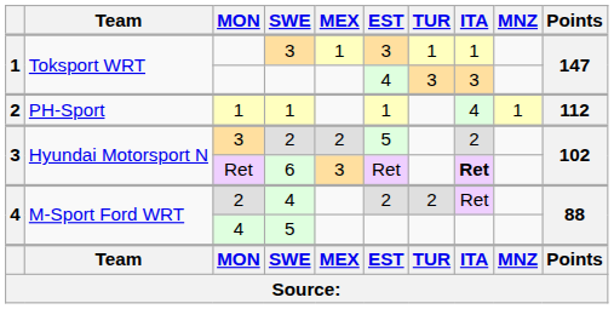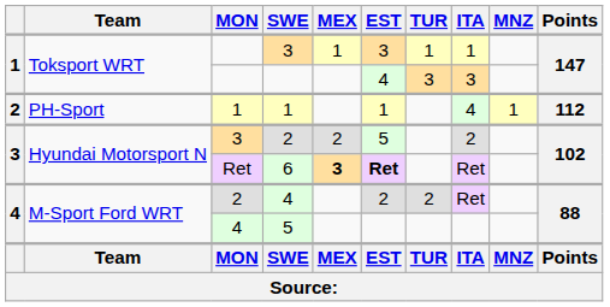 <table class="wikitable" style="font-size: 85%; text-align: center">
 <tr valign="top">
 <th valign="middle"></th>
 <th valign="middle">Team</th>
 <th><a href='#'>MON</a><br></th>
 <th><a href='#'>SWE</a><br></th>
 <th><a href='#'>MEX</a><br></th>
 <th><a href='#'>EST</a><br></th>
 <th><a href='#'>TUR</a><br></th>
 <th><a href='#'>ITA</a><br></th>
 <th><a href='#'>MNZ</a><br></th>
 <th valign="middle">Points</th>
 </tr>
 <tr style="border-top:2px solid #aaaaaa">
 <th rowspan="2">1</th>
 <td rowspan="2" align=left> <a href='#'>Toksport WRT</a></td>
 <td></td>
 <td style="background:#ffdf9f">3</td>
 <td style="background:#ffffbf">1</td>
 <td style="background:#ffdf9f">3</td>
 <td style="background:#ffffbf">1</td>
 <td style="background:#ffffbf">1</td>
 <td></td>
 <th rowspan="2">147</th>
 </tr>
 <tr>
 <td></td>
 <td></td>
 <td></td>
 <td style="background:#dfffdf">4</td>
 <td style="background:#ffdf9f">3</td>
 <td style="background:#ffdf9f">3</td>
 <td></td>
 </tr>
 <tr style="border-top:2px solid #aaaaaa">
 <th>2</th>
 <td align="left"> <a href='#'>PH-Sport</a></td>
 <td style="background:#ffffbf">1</td>
 <td style="background:#ffffbf">1</td>
 <td></td>
 <td style="background:#ffffbf">1</td>
 <td></td>
 <td style="background:#dfffdf">4</td>
 <td style="background:#ffffbf">1</td>
 <th>112</th>
 </tr>
 <tr style="border-top:2px solid #aaaaaa">
 <th rowspan="2">3</th>
 <td rowspan="2" align="left"> <a href='#'>Hyundai Motorsport N</a></td>
 <td style="background:#ffdf9f">3</td>
 <td style="background:#dfdfdf">2</td>
 <td style="background:#dfdfdf">2</td>
 <td style="background:#dfffdf">5</td>
 <td></td>
 <td style="background:#dfdfdf">2</td>
 <td></td>
 <th rowspan="2">102</th>
 </tr>
 <tr>
 <td style="background:#efcfff">Ret</td>
 <td style="background:#dfffdf">6</td>
-<td style="background:#ffdf9f">3</td>
+<td style="background:#ffdf9f"><strong>3</strong></td>
+<td style="background:#efcfff"><strong>Ret</strong></td>
+<td></td>
 <td style="background:#efcfff">Ret</td>
-<td></td>
-<td style="background:#efcfff"><strong>Ret</strong></td>
 <td></td>
 </tr>
 <tr style="border-top:2px solid #aaaaaa">
 <th rowspan="2">4</th>
 <td rowspan="2" align="left"> <a href='#'>M-Sport Ford WRT</a></td>
 <td style="background:#dfdfdf">2</td>
 <td style="background:#dfffdf">4</td>
 <td></td>
 <td style="background:#dfdfdf">2</td>
 <td style="background:#dfdfdf">2</td>
 <td style="background:#efcfff">Ret</td>
 <td></td>
 <th rowspan="2">88</th>
 </tr>
 <tr>
 <td style="background:#dfffdf">4</td>
 <td style="background:#dfffdf">5</td>
 <td></td>
 <td></td>
 <td></td>
 <td></td>
 <td></td>
 </tr>
 <tr style="border-top:2px solid #aaaaaa">
 <th valign="middle"></th>
 <th valign="middle">Team</th>
 <th><a href='#'>MON</a><br></th>
 <th><a href='#'>SWE</a><br></th>
 <th><a href='#'>MEX</a><br></th>
 <th><a href='#'>EST</a><br></th>
 <th><a href='#'>TUR</a><br></th>
 <th><a href='#'>ITA</a><br></th>
 <th><a href='#'>MNZ</a><br></th>
 <th valign="middle">Points</th>
 </tr>
 <tr>
 <th colspan="10">Source:</th>
 </tr>
 </table>
